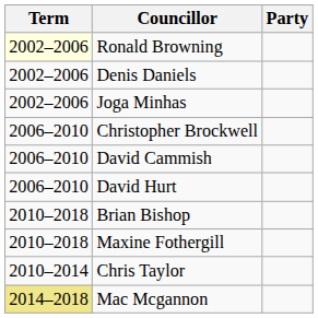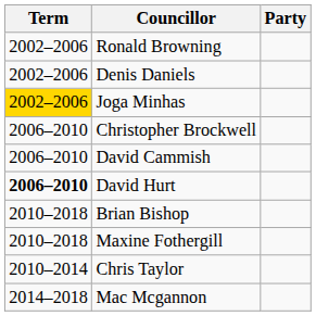 <table class="wikitable">
 <tr>
 <th>Term</th>
 <th>Councillor</th>
 <th colspan=2>Party</th>
 </tr>
 <tr>
-<td style="background: lightyellow;">2002–2006</td>
+<td>2002–2006</td>
 <td>Ronald Browning</td>
 <td></td>
 </tr>
 <tr>
 <td>2002–2006</td>
 <td>Denis Daniels</td>
 <td></td>
 </tr>
 <tr>
-<td>2002–2006</td>
+<td style="background: gold;">2002–2006</td>
 <td>Joga Minhas</td>
 <td></td>
 </tr>
 <tr>
 <td>2006–2010</td>
 <td>Christopher Brockwell</td>
 <td></td>
 </tr>
 <tr>
 <td>2006–2010</td>
 <td>David Cammish</td>
 <td></td>
 </tr>
 <tr>
-<td>2006–2010</td>
+<td><strong>2006–2010</strong></td>
 <td>David Hurt</td>
 <td></td>
 </tr>
 <tr>
 <td>2010–2018</td>
 <td>Brian Bishop</td>
 <td></td>
 </tr>
 <tr>
 <td>2010–2018</td>
 <td>Maxine Fothergill</td>
 <td></td>
 </tr>
 <tr>
 <td>2010–2014</td>
 <td>Chris Taylor</td>
 <td></td>
 </tr>
 <tr>
-<td style="background: khaki;">2014–2018</td>
+<td>2014–2018</td>
 <td>Mac Mcgannon</td>
 <td></td>
 </tr>
 </table>
